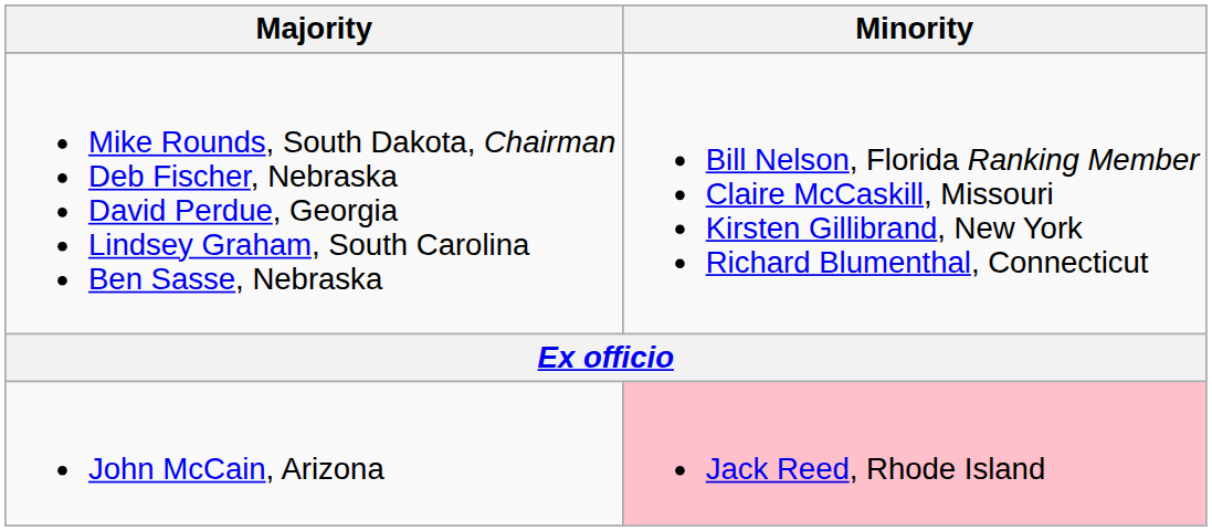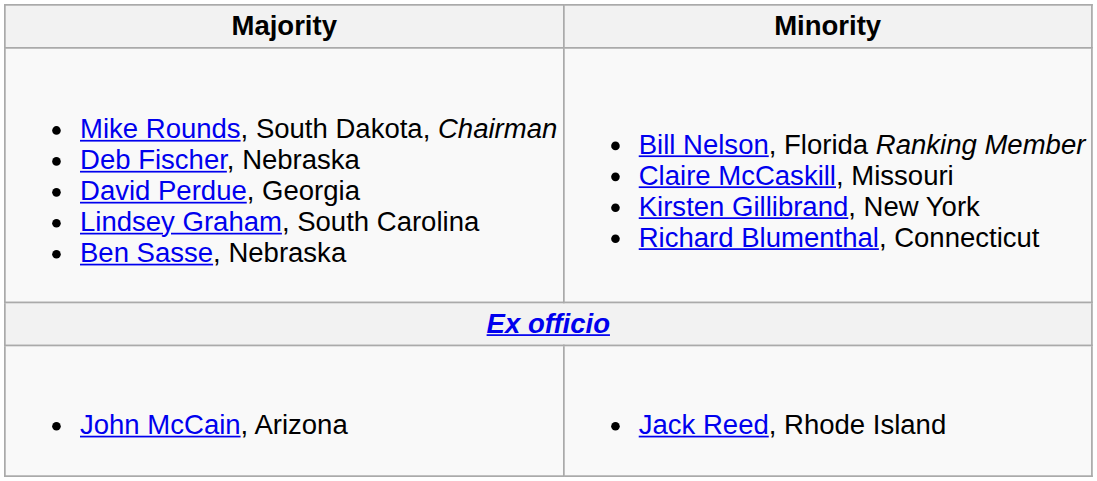 <table class=wikitable>
 <tr>
 <th>Majority</th>
 <th>Minority</th>
 </tr>
 <tr>
 <td><br><ul><li><a href='#'>Mike Rounds</a>, South Dakota, <em>Chairman</em></li><li><a href='#'>Deb Fischer</a>, Nebraska</li><li><a href='#'>David Perdue</a>, Georgia</li><li><a href='#'>Lindsey Graham</a>, South Carolina</li><li><a href='#'>Ben Sasse</a>, Nebraska</li></ul></td>
 <td><br><ul><li><a href='#'>Bill Nelson</a>, Florida <em>Ranking Member</em></li><li><a href='#'>Claire McCaskill</a>, Missouri</li><li><a href='#'>Kirsten Gillibrand</a>, New York</li><li><a href='#'>Richard Blumenthal</a>, Connecticut</li></ul></td>
 </tr>
 <tr>
 <th colspan=2><em><a href='#'>Ex officio</a></em></th>
 </tr>
 <tr>
 <td><br><ul><li><a href='#'>John McCain</a>, Arizona</li></ul></td>
-<td style="background: pink;"><br><ul><li><a href='#'>Jack Reed</a>, Rhode Island</li></ul></td>
+<td><br><ul><li><a href='#'>Jack Reed</a>, Rhode Island</li></ul></td>
 </tr>
 </table>
